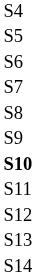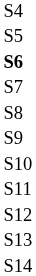 <table>
 <tr>
 <td>S4</td>
 <td></td>
 <td></td>
 <td></td>
 </tr>
 <tr>
 <td>S5</td>
 <td></td>
 <td></td>
 <td></td>
 </tr>
 <tr>
-<td>S6</td>
+<td><strong>S6</strong></td>
 <td></td>
 <td></td>
 <td></td>
 </tr>
 <tr>
 <td>S7</td>
 <td></td>
 <td></td>
 <td></td>
 </tr>
 <tr>
 <td>S8</td>
 <td></td>
 <td></td>
 <td></td>
 </tr>
 <tr>
 <td>S9</td>
 <td></td>
 <td></td>
 <td></td>
 </tr>
 <tr>
-<td><strong>S10</strong></td>
+<td>S10</td>
 <td></td>
 <td></td>
 <td></td>
 </tr>
 <tr>
 <td>S11</td>
 <td></td>
 <td></td>
 <td></td>
 </tr>
 <tr>
 <td>S12</td>
 <td></td>
 <td></td>
 <td></td>
 </tr>
 <tr>
 <td>S13</td>
 <td></td>
 <td></td>
 <td></td>
 </tr>
 <tr>
 <td>S14</td>
 <td></td>
 <td></td>
 <td></td>
 </tr>
 </table>
